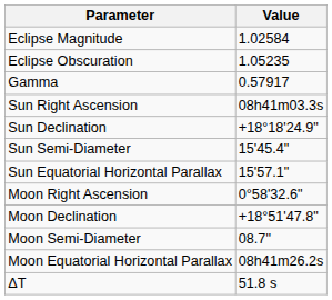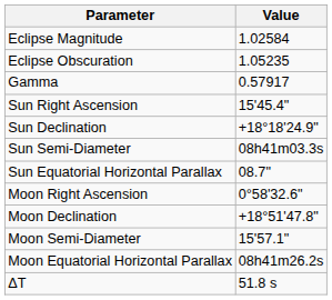 <table class="wikitable">
 <tr>
 <th>Parameter</th>
 <th>Value</th>
 </tr>
 <tr>
 <td>Eclipse Magnitude</td>
 <td>1.02584</td>
 </tr>
 <tr>
 <td>Eclipse Obscuration</td>
 <td>1.05235</td>
 </tr>
 <tr>
 <td>Gamma</td>
 <td>0.57917</td>
 </tr>
 <tr>
 <td>Sun Right Ascension</td>
-<td>08h41m03.3s</td>
+<td>15'45.4"</td>
 </tr>
 <tr>
 <td>Sun Declination</td>
 <td>+18°18'24.9"</td>
 </tr>
 <tr>
 <td>Sun Semi-Diameter</td>
-<td>15'45.4"</td>
+<td>08h41m03.3s</td>
 </tr>
 <tr>
 <td>Sun Equatorial Horizontal Parallax</td>
-<td>15'57.1"</td>
+<td>08.7"</td>
 </tr>
 <tr>
 <td>Moon Right Ascension</td>
 <td>0°58'32.6"</td>
 </tr>
 <tr>
 <td>Moon Declination</td>
 <td>+18°51'47.8"</td>
 </tr>
 <tr>
 <td>Moon Semi-Diameter</td>
-<td>08.7"</td>
+<td>15'57.1"</td>
 </tr>
 <tr>
 <td>Moon Equatorial Horizontal Parallax</td>
 <td>08h41m26.2s</td>
 </tr>
 <tr>
 <td>ΔT</td>
 <td>51.8 s</td>
 </tr>
 </table>
